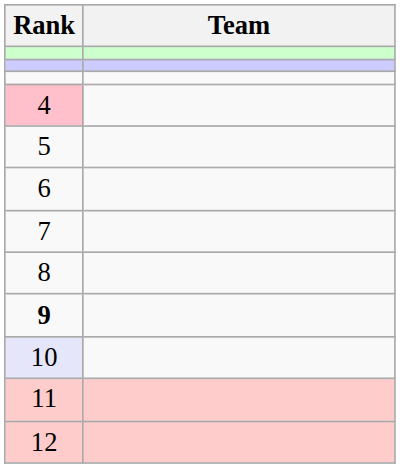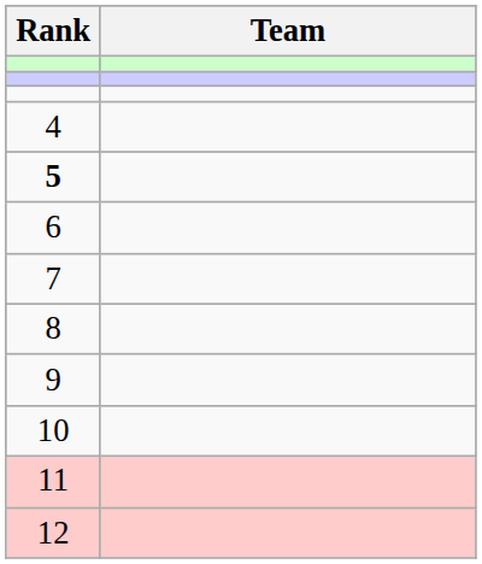 <table class="wikitable" style="text-align: left;">
 <tr>
 <th width=40>Rank</th>
 <th width=180>Team</th>
 </tr>
 <tr bgcolor=ccffcc>
 <td align=center></td>
 <td></td>
 </tr>
 <tr bgcolor=ccccff>
 <td align=center></td>
 <td></td>
 </tr>
 <tr>
 <td align=center></td>
 <td></td>
 </tr>
 <tr>
-<td align=center style="background: pink;">4</td>
+<td align=center>4</td>
 <td></td>
 </tr>
 <tr>
-<td align=center>5</td>
+<td align=center><strong>5</strong></td>
 <td></td>
 </tr>
 <tr>
 <td align=center>6</td>
 <td></td>
 </tr>
 <tr>
 <td align=center>7</td>
 <td></td>
 </tr>
 <tr>
 <td align=center>8</td>
 <td></td>
 </tr>
 <tr>
-<td align=center><strong>9</strong></td>
+<td align=center>9</td>
 <td></td>
 </tr>
 <tr>
-<td align=center style="background: lavender;">10</td>
+<td align=center>10</td>
 <td></td>
 </tr>
 <tr bgcolor=ffcccc>
 <td align=center>11</td>
 <td></td>
 </tr>
 <tr bgcolor=ffcccc>
 <td align=center>12</td>
 <td></td>
 </tr>
 </table>
